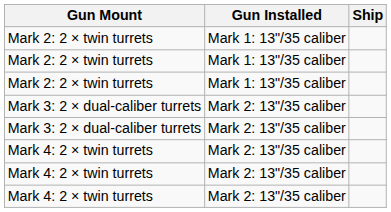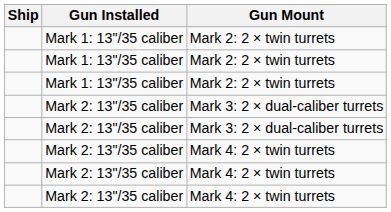 <table class="wikitable">
 <tr>
+<th>Ship</th>
+<th>Gun Installed</th>
 <th>Gun Mount</th>
-<th>Gun Installed</th>
-<th>Ship</th>
 </tr>
 <tr>
+<td></td>
+<td>Mark 1: 13"/35 caliber</td>
 <td>Mark 2: 2 × twin turrets</td>
-<td>Mark 1: 13"/35 caliber</td>
-<td></td>
 </tr>
 <tr>
+<td></td>
+<td>Mark 1: 13"/35 caliber</td>
 <td>Mark 2: 2 × twin turrets</td>
-<td>Mark 1: 13"/35 caliber</td>
-<td></td>
 </tr>
 <tr>
+<td></td>
+<td>Mark 1: 13"/35 caliber</td>
 <td>Mark 2: 2 × twin turrets</td>
-<td>Mark 1: 13"/35 caliber</td>
-<td></td>
 </tr>
 <tr>
+<td></td>
+<td>Mark 2: 13"/35 caliber</td>
 <td>Mark 3: 2 × dual-caliber turrets</td>
-<td>Mark 2: 13"/35 caliber</td>
-<td></td>
 </tr>
 <tr>
+<td></td>
+<td>Mark 2: 13"/35 caliber</td>
 <td>Mark 3: 2 × dual-caliber turrets</td>
-<td>Mark 2: 13"/35 caliber</td>
-<td></td>
 </tr>
 <tr>
+<td></td>
+<td>Mark 2: 13"/35 caliber</td>
 <td>Mark 4: 2 × twin turrets</td>
-<td>Mark 2: 13"/35 caliber</td>
-<td></td>
 </tr>
 <tr>
+<td></td>
+<td>Mark 2: 13"/35 caliber</td>
 <td>Mark 4: 2 × twin turrets</td>
-<td>Mark 2: 13"/35 caliber</td>
-<td></td>
 </tr>
 <tr>
+<td></td>
+<td>Mark 2: 13"/35 caliber</td>
 <td>Mark 4: 2 × twin turrets</td>
-<td>Mark 2: 13"/35 caliber</td>
-<td></td>
 </tr>
 </table>
